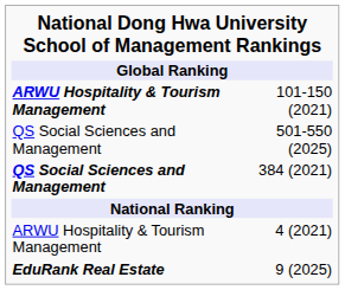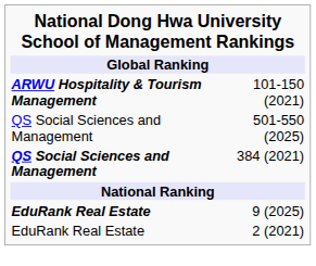 <table class="infobox" style="width:22em; text-align:center; font-size:88%;">
 <tr>
 <td colspan=2 style="font-size:125%; text-align:center"><strong>National Dong Hwa University School of Management Rankings</strong></td>
 </tr>
 <tr>
 <th colspan="2" style="background:lavender ;text-align:center">Global Ranking</th>
 </tr>
 <tr>
 <td style="text-align:left; width:70%"><strong><em><a href='#'>ARWU</a><em> Hospitality & Tourism Management<strong></td>
 <td style="text-align:right;">101-150 (2021)</td>
 </tr>
 <tr>
 <td style="text-align:left; width:70%"></em></strong><a href='#'>QS</a></em> Social Sciences and Management‌</strong></td>
 <td style="text-align:right;">501-550 (2025)</td>
 </tr>
 <tr>
 <td style="text-align:left; width:70%"><strong><em><a href='#'>QS</a><em> Social Sciences and Management‌<strong></td>
 <td style="text-align:right;">384 (2021)</td>
 </tr>
 <tr>
 <th colspan="2" style="background:lavender ;text-align:center">National Ranking</th>
 </tr>
 <tr>
-<td style="text-align:left;"></em></strong><a href='#'>ARWU</a></em> Hospitality & Tourism Management</strong></td>
-<td style="text-align:right;">4 (2021)</td>
-</tr>
-<tr>
 <td style="text-align:left;"><strong><em>EduRank<em> Real Estate<strong></td>
 <td style="text-align:right;">9 (2025)</td>
 </tr>
+<tr>
+<td style="text-align:left;"></em></strong>EduRank</em> Real Estate</strong></td>
+<td style="text-align:right;">2 (2021)</td>
+</tr>
 </table>
